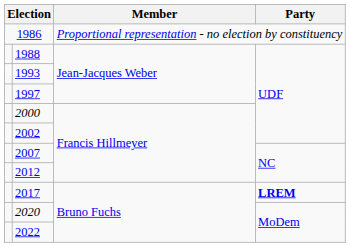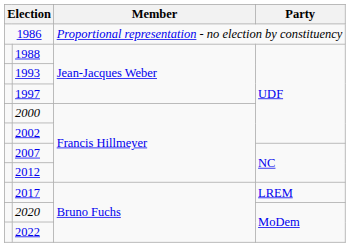 <table class="wikitable">
 <tr>
 <th colspan="2">Election</th>
 <th>Member</th>
 <th>Party</th>
 </tr>
 <tr>
 <td colspan="2" align="center"><a href='#'>1986</a></td>
 <td colspan="2"><em><a href='#'>Proportional representation</a> - no election by constituency</em></td>
 </tr>
 <tr>
 <td style="background-color: "></td>
 <td><a href='#'>1988</a></td>
 <td rowspan="3"><a href='#'>Jean-Jacques Weber</a></td>
 <td rowspan="5"><a href='#'>UDF</a></td>
 </tr>
 <tr>
 <td style="background-color: "></td>
 <td><a href='#'>1993</a></td>
 </tr>
 <tr>
 <td style="background-color: "></td>
 <td><a href='#'>1997</a></td>
 </tr>
 <tr>
 <td style="background-color: "></td>
 <td><em>2000</em></td>
 <td rowspan="4"><a href='#'>Francis Hillmeyer</a></td>
 </tr>
 <tr>
 <td style="background-color: "></td>
 <td><a href='#'>2002</a></td>
 </tr>
 <tr>
 <td style="background-color: "></td>
 <td><a href='#'>2007</a></td>
 <td rowspan="2"><a href='#'>NC</a></td>
 </tr>
 <tr>
 <td style="background-color: "></td>
 <td><a href='#'>2012</a></td>
 </tr>
 <tr>
 <td style="background-color: "></td>
 <td><a href='#'>2017</a></td>
 <td rowspan="3"><a href='#'>Bruno Fuchs</a></td>
-<td><strong><a href='#'>LREM</a></strong></td>
+<td><a href='#'>LREM</a></td>
 </tr>
 <tr>
 <td style="background-color: "></td>
 <td><em>2020</em></td>
 <td rowspan="2"><a href='#'>MoDem</a></td>
 </tr>
 <tr>
 <td style="background-color: "></td>
 <td><a href='#'>2022</a></td>
 </tr>
 </table>
